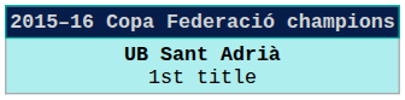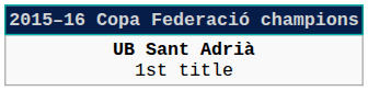 <table class=wikitable style="text-align:center; margin:auto">
 <tr>
 <th style="background: #071D49; color: #D0D3D4; border: 1px solid #00B2A9;">2015–16 Copa Federació champions</th>
 </tr>
 <tr>
-<td style="background: paleturquoise;"><strong>UB Sant Adrià</strong><br>1st title</td>
+<td><strong>UB Sant Adrià</strong><br>1st title</td>
 </tr>
 </table>
